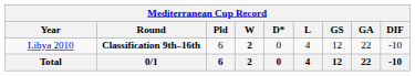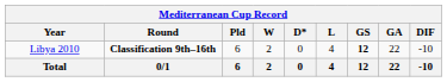 <table class="wikitable" style="text-align: center;font-size:90%;">
 <tr>
 <th colspan=9><a href='#'>Mediterranean Cup Record</a></th>
 </tr>
 <tr>
 <th width=125>Year</th>
 <th width=150>Round</th>
 <th width=35>Pld</th>
 <th width=35>W</th>
 <th width=35>D*</th>
 <th width=35>L</th>
 <th width=35>GS</th>
 <th width=35>GA</th>
 <th width=35>DIF</th>
 </tr>
 <tr bgcolor=>
 <td><a href='#'>Libya 2010</a></td>
 <td><strong>Classification 9th–16th</strong></td>
 <td>6</td>
-<td><strong>2</strong></td>
+<td>2</td>
 <td>0</td>
 <td>4</td>
-<td>12</td>
+<td><strong>12</strong></td>
 <td>22</td>
 <td>-10</td>
 </tr>
 <tr>
 <th><strong>Total</strong></th>
 <th>0/1</th>
 <th>6</th>
 <th>2</th>
 <th>0</th>
 <th>4</th>
 <th>12</th>
 <th>22</th>
 <th>-10</th>
 </tr>
 </table>
